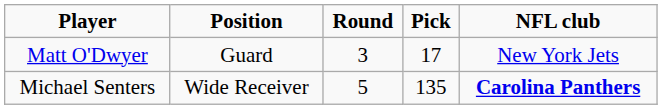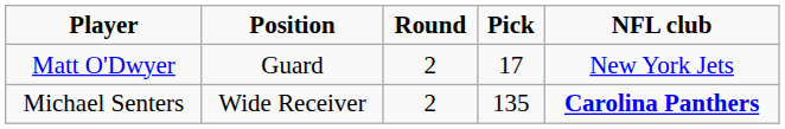 <table class="wikitable" width="80%">
 <tr align="center">
 <td><strong>Player</strong></td>
 <td><strong>Position</strong></td>
 <td><strong>Round</strong></td>
 <td><strong>Pick</strong></td>
 <td><strong>NFL club</strong></td>
 </tr>
 <tr align="center" bgcolor="">
 <td><a href='#'>Matt O'Dwyer</a></td>
 <td>Guard</td>
-<td>3</td>
+<td>2</td>
 <td>17</td>
 <td><a href='#'>New York Jets</a></td>
 </tr>
 <tr align="center" bgcolor="">
 <td>Michael Senters</td>
 <td>Wide Receiver</td>
-<td>5</td>
+<td>2</td>
 <td>135</td>
 <td><strong><a href='#'>Carolina Panthers</a></strong></td>
 </tr>
 </table>
